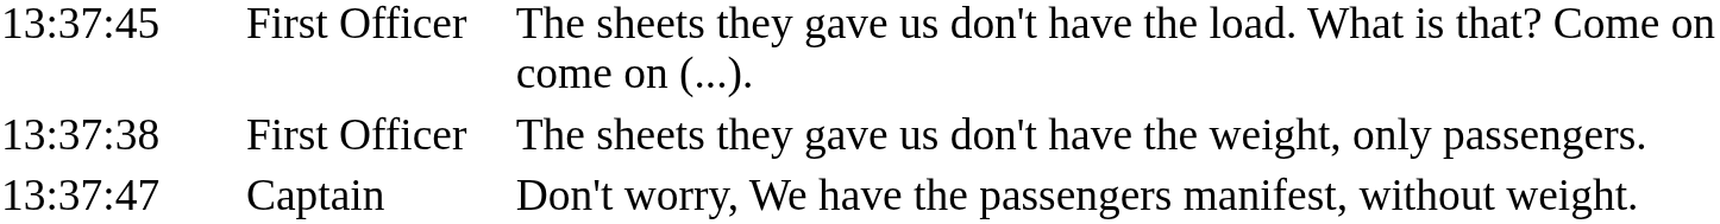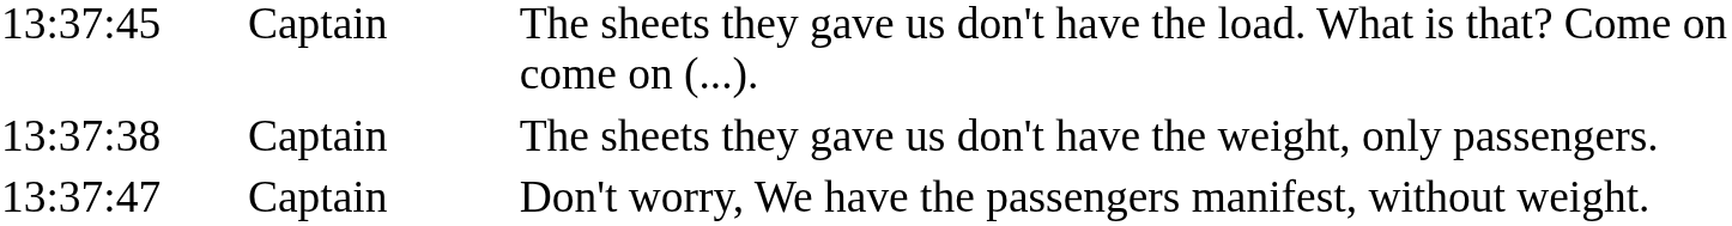 <table align="center" style="border:none;" cellpadding="1">
 <tr>
 <th style="width:6.0em;"></th>
 <th style="width:7.0em;"></th>
 <th style="width:37.0em;"></th>
 </tr>
 <tr style="vertical-align:top;">
 <td>13:37:45</td>
-<td>First Officer</td>
+<td>Captain</td>
 <td>The sheets they gave us don't have the load. What is that? Come on come on (...).</td>
 </tr>
 <tr style="vertical-align:top;">
 <td>13:37:38</td>
-<td>First Officer</td>
+<td>Captain</td>
 <td>The sheets they gave us don't have the weight, only passengers.</td>
 </tr>
 <tr style="vertical-align:top;">
 <td>13:37:47</td>
 <td>Captain</td>
 <td>Don't worry, We have the passengers manifest, without weight.</td>
 </tr>
 </table>
